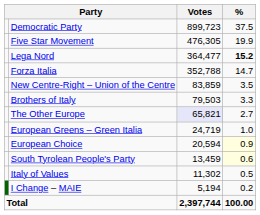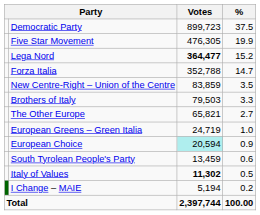 <table class="wikitable" style="font-size:95%">
 <tr>
 <th colspan=2>Party</th>
 <th>Votes</th>
 <th>%</th>
 </tr>
 <tr>
 <td></td>
 <td><a href='#'>Democratic Party</a></td>
 <td align=right>899,723</td>
 <td align=right>37.5</td>
 </tr>
 <tr>
 <td></td>
 <td><a href='#'>Five Star Movement</a></td>
 <td align=right>476,305</td>
 <td align=right>19.9</td>
 </tr>
 <tr>
 <td></td>
 <td><a href='#'>Lega Nord</a></td>
-<td align=right>364,477</td>
-<td align=right><strong>15.2</strong></td>
+<td align=right><strong>364,477</strong></td>
+<td align=right>15.2</td>
 </tr>
 <tr>
 <td></td>
 <td><a href='#'>Forza Italia</a></td>
 <td align=right>352,788</td>
 <td align=right>14.7</td>
 </tr>
 <tr>
 <td></td>
 <td><a href='#'>New Centre-Right – Union of the Centre</a></td>
 <td align=right>83,859</td>
 <td align=right>3.5</td>
 </tr>
 <tr>
 <td></td>
 <td><a href='#'>Brothers of Italy</a></td>
 <td align=right>79,503</td>
 <td align=right>3.3</td>
 </tr>
 <tr>
 <td></td>
 <td><a href='#'>The Other Europe</a></td>
-<td align=right style="background: lavender;">65,821</td>
+<td align=right>65,821</td>
 <td align=right>2.7</td>
 </tr>
 <tr>
 <td></td>
 <td><a href='#'>European Greens – Green Italia</a></td>
 <td align=right>24,719</td>
 <td align=right>1.0</td>
 </tr>
 <tr>
 <td></td>
 <td><a href='#'>European Choice</a></td>
-<td align=right>20,594</td>
-<td align=right style="background: lightyellow;">0.9</td>
+<td align=right style="background: paleturquoise;">20,594</td>
+<td align=right>0.9</td>
 </tr>
 <tr>
 <td></td>
 <td><a href='#'>South Tyrolean People's Party</a></td>
 <td align=right>13,459</td>
-<td align=right style="background: lightyellow;">0.6</td>
+<td align=right>0.6</td>
 </tr>
 <tr>
 <td></td>
 <td><a href='#'>Italy of Values</a></td>
-<td align=right>11,302</td>
+<td align=right><strong>11,302</strong></td>
 <td align=right>0.5</td>
 </tr>
 <tr>
 <td bgcolor="darkgreen"></td>
 <td><a href='#'>I Change</a> – <a href='#'>MAIE</a></td>
 <td align=right>5,194</td>
 <td align=right>0.2</td>
 </tr>
 <tr>
 <td colspan=2><strong>Total</strong></td>
 <td><strong>2,397,744</strong></td>
 <td><strong>100.00</strong></td>
 </tr>
 </table>
